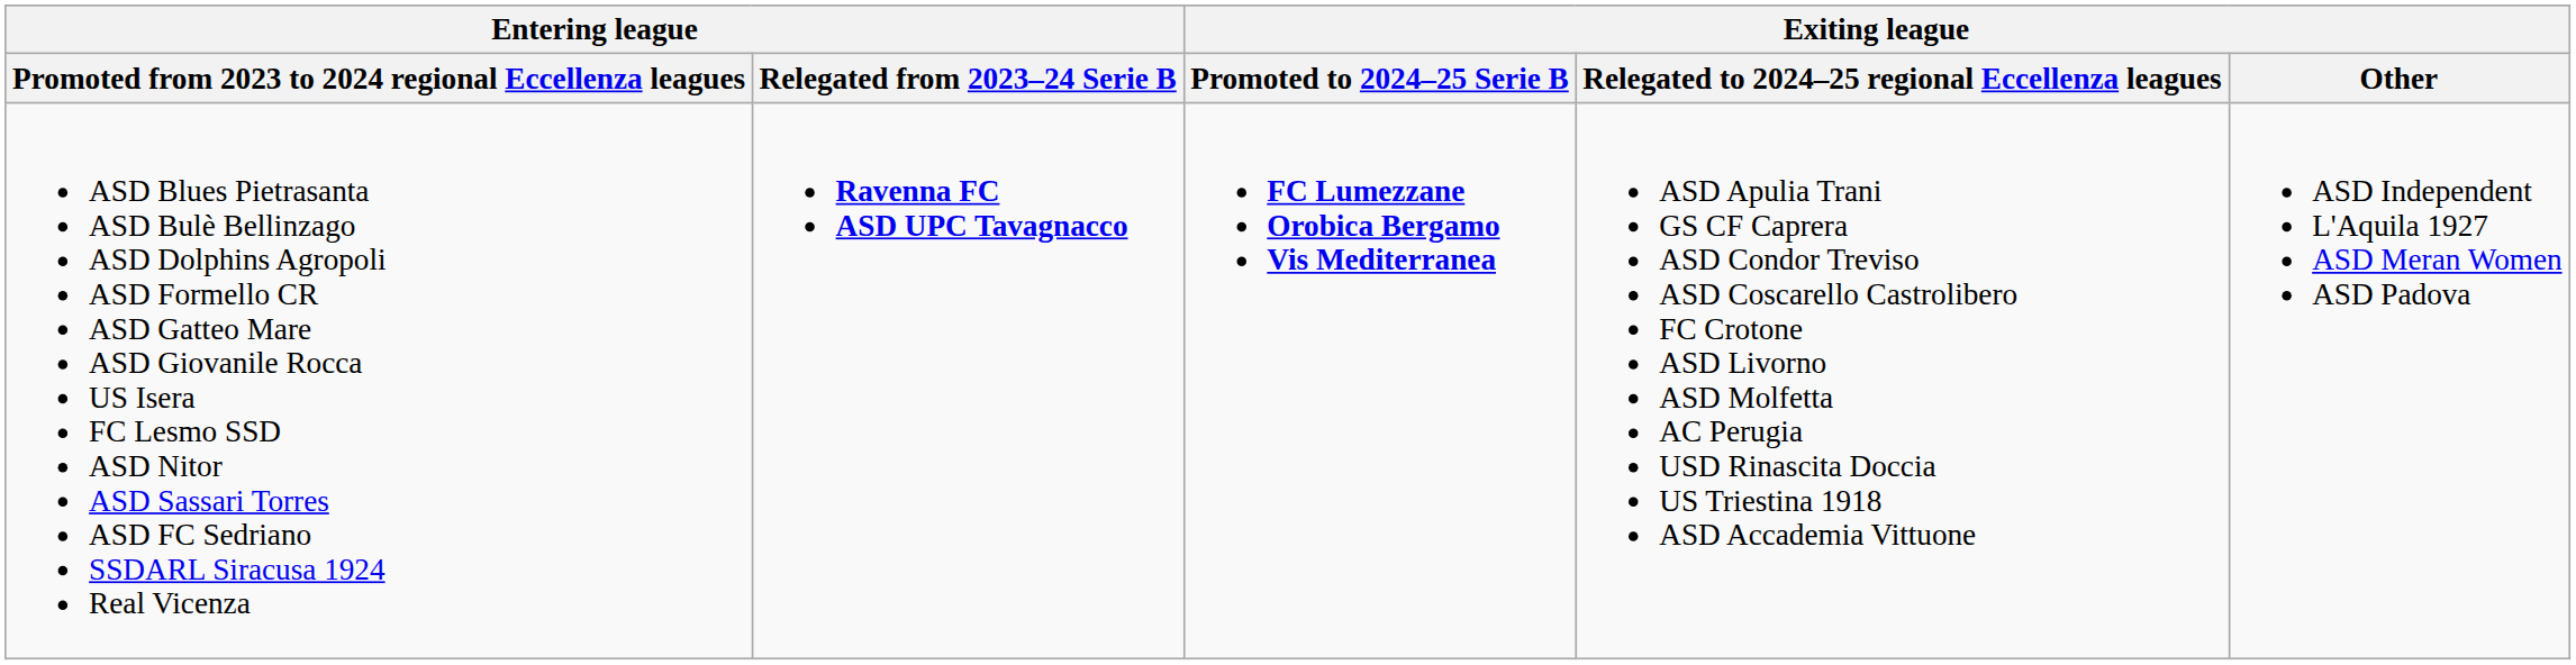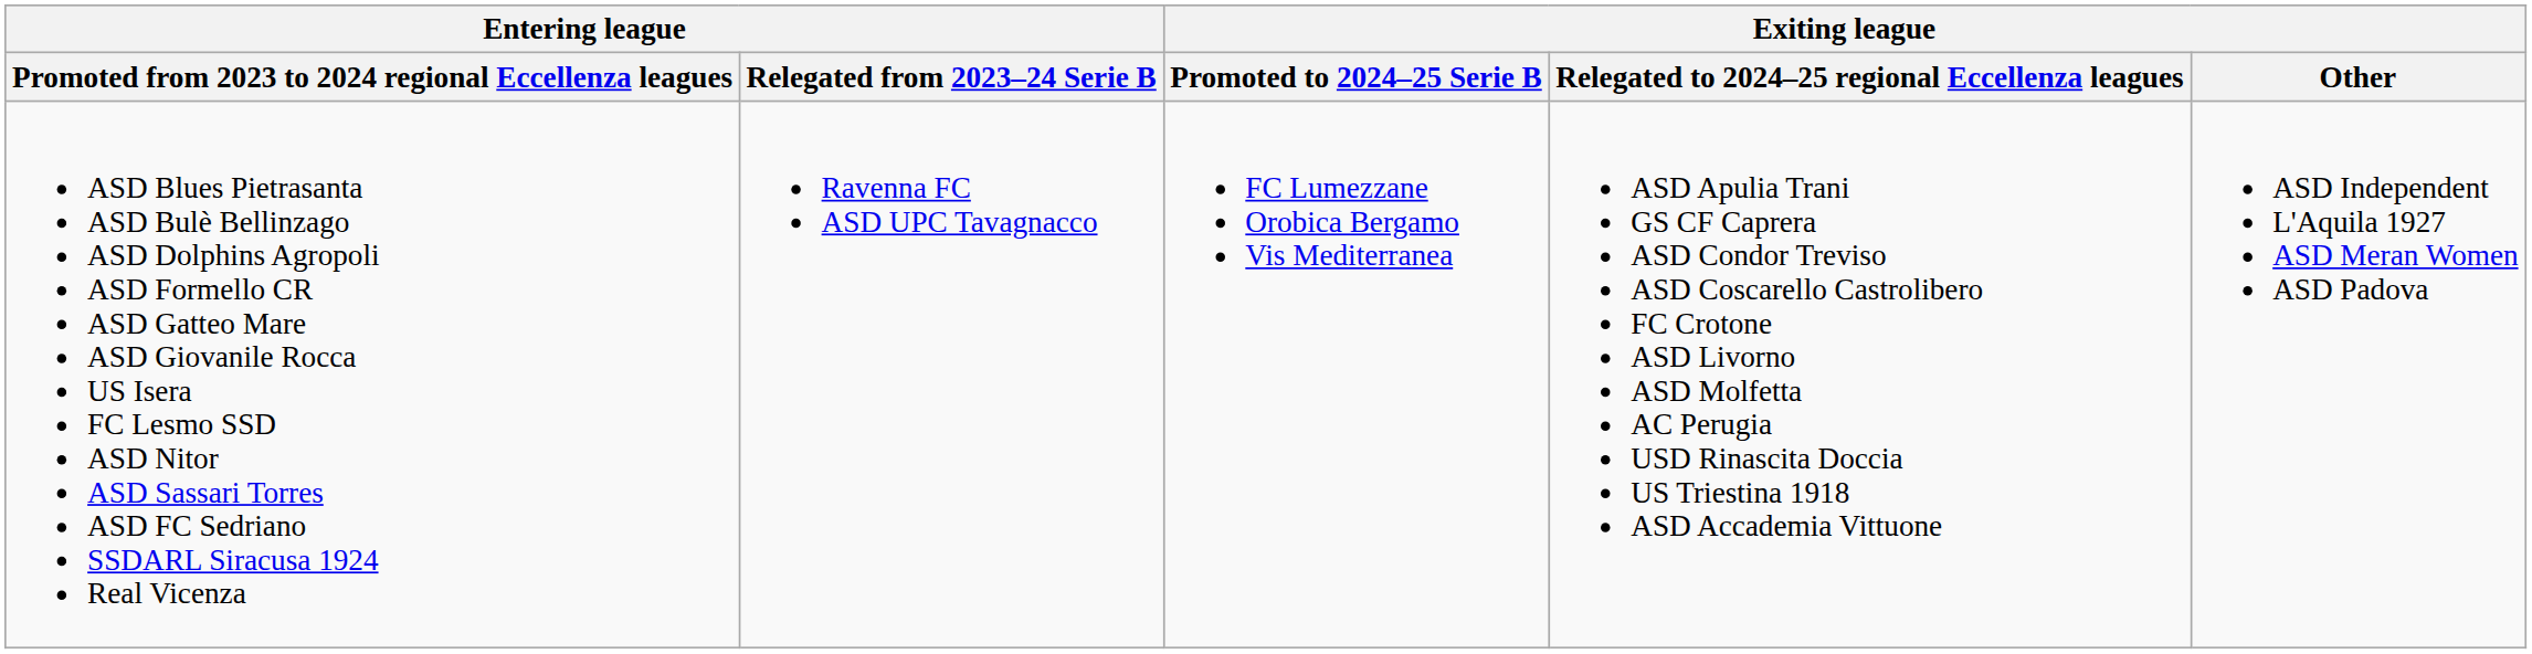 <table class="wikitable">
 <tr>
 <th colspan="2">Entering league</th>
 <th colspan="3">Exiting league</th>
 </tr>
 <tr>
 <th>Promoted from 2023 to 2024 regional <a href='#'>Eccellenza</a> leagues</th>
 <th>Relegated from <a href='#'>2023–24 Serie B</a></th>
 <th>Promoted to <a href='#'>2024–25 Serie B</a></th>
 <th>Relegated to 2024–25 regional <a href='#'>Eccellenza</a> leagues</th>
 <th>Other</th>
 </tr>
 <tr style="vertical-align:top;">
 <td><br><ul><li>ASD Blues Pietrasanta</li><li>ASD Bulè Bellinzago</li><li>ASD Dolphins Agropoli</li><li>ASD Formello CR</li><li>ASD Gatteo Mare</li><li>ASD Giovanile Rocca</li><li>US Isera</li><li>FC Lesmo SSD</li><li>ASD Nitor</li><li><a href='#'>ASD Sassari Torres</a></li><li>ASD FC Sedriano</li><li><a href='#'>SSDARL Siracusa 1924</a></li><li>Real Vicenza</li></ul></td>
-<td><strong><br><ul><li><a href='#'>Ravenna FC</a></li><li><a href='#'>ASD UPC Tavagnacco</a></li></ul></strong></td>
-<td><strong><br><ul><li><a href='#'>FC Lumezzane</a></li><li><a href='#'>Orobica Bergamo</a></li><li><a href='#'>Vis Mediterranea</a></li></ul></strong></td>
+<td><br><ul><li><a href='#'>Ravenna FC</a></li><li><a href='#'>ASD UPC Tavagnacco</a></li></ul></td>
+<td><br><ul><li><a href='#'>FC Lumezzane</a></li><li><a href='#'>Orobica Bergamo</a></li><li><a href='#'>Vis Mediterranea</a></li></ul></td>
 <td><br><ul><li>ASD Apulia Trani</li><li>GS CF Caprera</li><li>ASD Condor Treviso</li><li>ASD Coscarello Castrolibero</li><li>FC Crotone</li><li>ASD Livorno</li><li>ASD Molfetta</li><li>AC Perugia</li><li>USD Rinascita Doccia</li><li>US Triestina 1918</li><li>ASD Accademia Vittuone</li></ul></td>
 <td><br><ul><li>ASD Independent</li><li>L'Aquila 1927</li><li><a href='#'>ASD Meran Women</a></li><li>ASD Padova</li></ul></td>
 </tr>
 </table>
